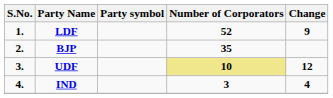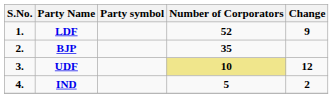 <table class="sortable wikitable">
 <tr>
 <th>S.No.</th>
 <th>Party Name</th>
 <th>Party symbol</th>
 <th>Number of Corporators</th>
 <th>Change</th>
 </tr>
 <tr>
 <td ! style="text-align:center; background:"><strong>1.</strong></td>
 <td align="center"><a href='#'><strong>LDF</strong></a></td>
 <td></td>
 <td align="center"><strong>52</strong></td>
 <td align="center"> <strong>9</strong></td>
 </tr>
 <tr>
 <td ! style="text-align:center; background:"><strong>2.</strong></td>
 <td align="center"><a href='#'><strong>BJP</strong></a></td>
 <td></td>
 <td align="center"><strong>35</strong></td>
 <td align="center"></td>
 </tr>
 <tr>
 <td ! style="text-align:center; background:"><strong>3.</strong></td>
 <td align="center"><a href='#'><strong>UDF</strong></a></td>
 <td></td>
 <td align="center" style="background: khaki;"><strong>10</strong></td>
 <td align="center"> <strong>12</strong></td>
 </tr>
 <tr>
 <td ! style="text-align:center; background:"><strong>4.</strong></td>
 <td align="center"><a href='#'><strong>IND</strong></a></td>
 <td></td>
-<td align="center"><strong>3</strong></td>
-<td align="center"> <strong>4</strong></td>
+<td align="center"><strong>5</strong></td>
+<td align="center"> <strong>2</strong></td>
 </tr>
 <tr>
 </tr>
 </table>
